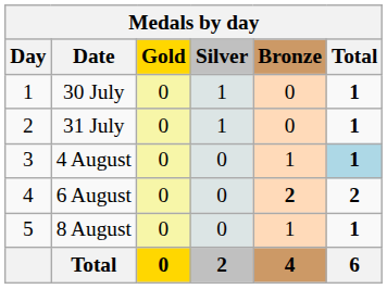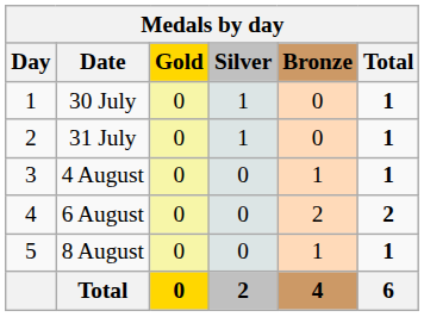 <table class="wikitable sortable collapsible" style="font-size:85%; text-align:center;">
 <tr style="background:#efefef;">
 <th colspan=6>Medals by day</th>
 </tr>
 <tr>
 <th>Day</th>
 <th>Date</th>
 <th style="background-color:gold;">Gold</th>
 <th style="background-color:silver;">Silver</th>
 <th style="background-color:#c96;">Bronze</th>
 <th>Total</th>
 </tr>
 <tr>
 <td>1</td>
 <td>30 July</td>
 <td style="background:#F7F6A8">0</td>
 <td style="background:#DCE5E5">1</td>
 <td style="background:#FFDAB9">0</td>
 <td><strong>1</strong></td>
 </tr>
 <tr>
 <td>2</td>
 <td>31 July</td>
 <td style="background:#F7F6A8">0</td>
 <td style="background:#DCE5E5">1</td>
 <td style="background:#FFDAB9">0</td>
 <td><strong>1</strong></td>
 </tr>
 <tr>
 <td>3</td>
 <td>4 August</td>
 <td style="background:#F7F6A8">0</td>
 <td style="background:#DCE5E5">0</td>
 <td style="background:#FFDAB9">1</td>
-<td style="background: lightblue;"><strong>1</strong></td>
+<td><strong>1</strong></td>
 </tr>
 <tr>
 <td>4</td>
 <td>6 August</td>
 <td style="background:#F7F6A8">0</td>
 <td style="background:#DCE5E5">0</td>
-<td style="background:#FFDAB9"><strong>2</strong></td>
+<td style="background:#FFDAB9">2</td>
 <td><strong>2</strong></td>
 </tr>
 <tr>
 <td>5</td>
 <td>8 August</td>
 <td style="background:#F7F6A8">0</td>
 <td style="background:#DCE5E5">0</td>
 <td style="background:#FFDAB9">1</td>
 <td><strong>1</strong></td>
 </tr>
 <tr>
 <th></th>
 <th>Total</th>
 <th style="background:gold;">0</th>
 <th style="background:silver;">2</th>
 <th style="background:#c96;">4</th>
 <th>6</th>
 </tr>
 </table>
